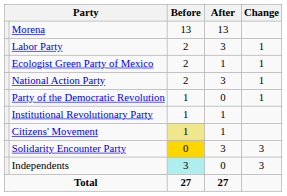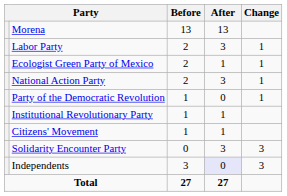 <table class="wikitable" style="text-align:center;">
 <tr>
 <th colspan="2">Party</th>
 <th style="width:3em">Before</th>
 <th style="width:3em">After</th>
 <th style="width:3em">Change</th>
 </tr>
 <tr>
 <th style="background-color:"></th>
 <td style="text-align:left;"><a href='#'>Morena</a></td>
 <td>13</td>
 <td>13</td>
 <td></td>
 </tr>
 <tr>
 <th style="background-color:"></th>
 <td style="text-align:left;"><a href='#'>Labor Party</a></td>
 <td>2</td>
 <td>3</td>
 <td>1</td>
 </tr>
 <tr>
 <th style="background-color:"></th>
 <td style="text-align:left;"><a href='#'>Ecologist Green Party of Mexico</a></td>
 <td>2</td>
 <td>1</td>
 <td>1</td>
 </tr>
 <tr>
 <th style="background-color:"></th>
 <td style="text-align:left;"><a href='#'>National Action Party</a></td>
 <td>2</td>
 <td>3</td>
 <td>1</td>
 </tr>
 <tr>
 <th style="background-color:"></th>
 <td style="text-align:left;"><a href='#'>Party of the Democratic Revolution</a></td>
 <td>1</td>
 <td>0</td>
 <td>1</td>
 </tr>
 <tr>
 <th style="background-color:"></th>
 <td style="text-align:left;"><a href='#'>Institutional Revolutionary Party</a></td>
 <td>1</td>
 <td>1</td>
 <td></td>
 </tr>
 <tr>
 <th style="background-color:"></th>
 <td style="text-align:left;"><a href='#'>Citizens' Movement</a></td>
-<td style="background: khaki;">1</td>
+<td>1</td>
 <td>1</td>
 <td></td>
 </tr>
 <tr>
 <th style="background-color:"></th>
 <td style="text-align:left;"><a href='#'>Solidarity Encounter Party</a></td>
-<td style="background: gold;">0</td>
+<td>0</td>
 <td>3</td>
 <td>3</td>
 </tr>
 <tr>
 <th style="background-color:"></th>
 <td style="text-align:left;">Independents</td>
-<td style="background: paleturquoise;">3</td>
-<td>0</td>
+<td>3</td>
+<td style="background: lavender;">0</td>
 <td>3</td>
 </tr>
 <tr>
 <td colspan="2"><strong>Total</strong></td>
 <td><strong>27</strong></td>
 <td><strong>27</strong></td>
 <td></td>
 </tr>
 </table>
